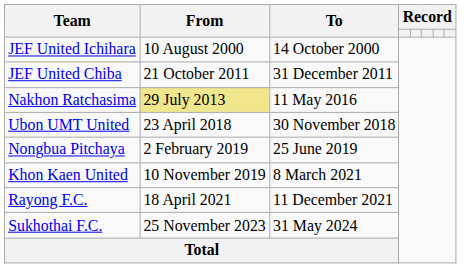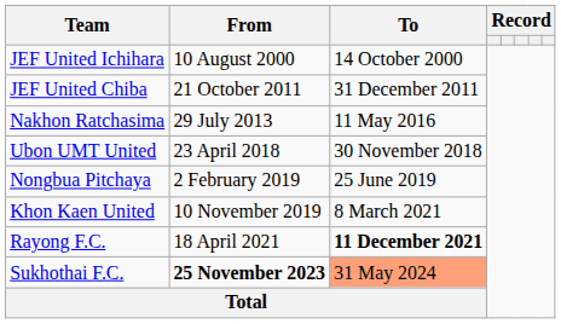 <table class=wikitable style="text-align: center">
 <tr>
 <th rowspan=2>Team</th>
 <th rowspan=2>From</th>
 <th rowspan=2>To</th>
 <th colspan=5>Record</th>
 </tr>
 <tr>
 <th></th>
 <th></th>
 <th></th>
 <th></th>
 <th></th>
 </tr>
 <tr>
 <td align="left"><a href='#'>JEF United Ichihara</a></td>
 <td align="left">10 August 2000</td>
 <td align="left">14 October 2000<br></td>
 </tr>
 <tr>
 <td align="left"><a href='#'>JEF United Chiba</a></td>
 <td align="left">21 October 2011</td>
 <td align="left">31 December 2011<br></td>
 </tr>
 <tr>
 <td align="left"><a href='#'>Nakhon Ratchasima</a></td>
-<td align="left" style="background: khaki;">29 July 2013</td>
+<td align="left">29 July 2013</td>
 <td align="left">11 May 2016<br></td>
 </tr>
 <tr>
 <td align="left"><a href='#'>Ubon UMT United</a></td>
 <td align="left">23 April 2018</td>
 <td align="left">30 November 2018<br></td>
 </tr>
 <tr>
 <td align="left"><a href='#'>Nongbua Pitchaya</a></td>
 <td align="left">2 February 2019</td>
 <td align="left">25 June 2019<br></td>
 </tr>
 <tr>
 <td align="left"><a href='#'>Khon Kaen United</a></td>
 <td align="left">10 November 2019</td>
 <td align="left">8 March 2021<br></td>
 </tr>
 <tr>
 <td align="left"><a href='#'>Rayong F.C.</a></td>
 <td align="left">18 April 2021</td>
-<td align="left">11 December 2021<br></td>
+<td align="left"><strong>11 December 2021<br></strong></td>
 </tr>
 <tr>
 <td align="left"><a href='#'>Sukhothai F.C.</a></td>
-<td align="left">25 November 2023</td>
-<td align="left">31 May 2024<br></td>
+<td align="left"><strong>25 November 2023</strong></td>
+<td align="left" style="background: lightsalmon;">31 May 2024<br></td>
 </tr>
 <tr>
 <th colspan=3>Total<br></th>
 </tr>
 </table>
